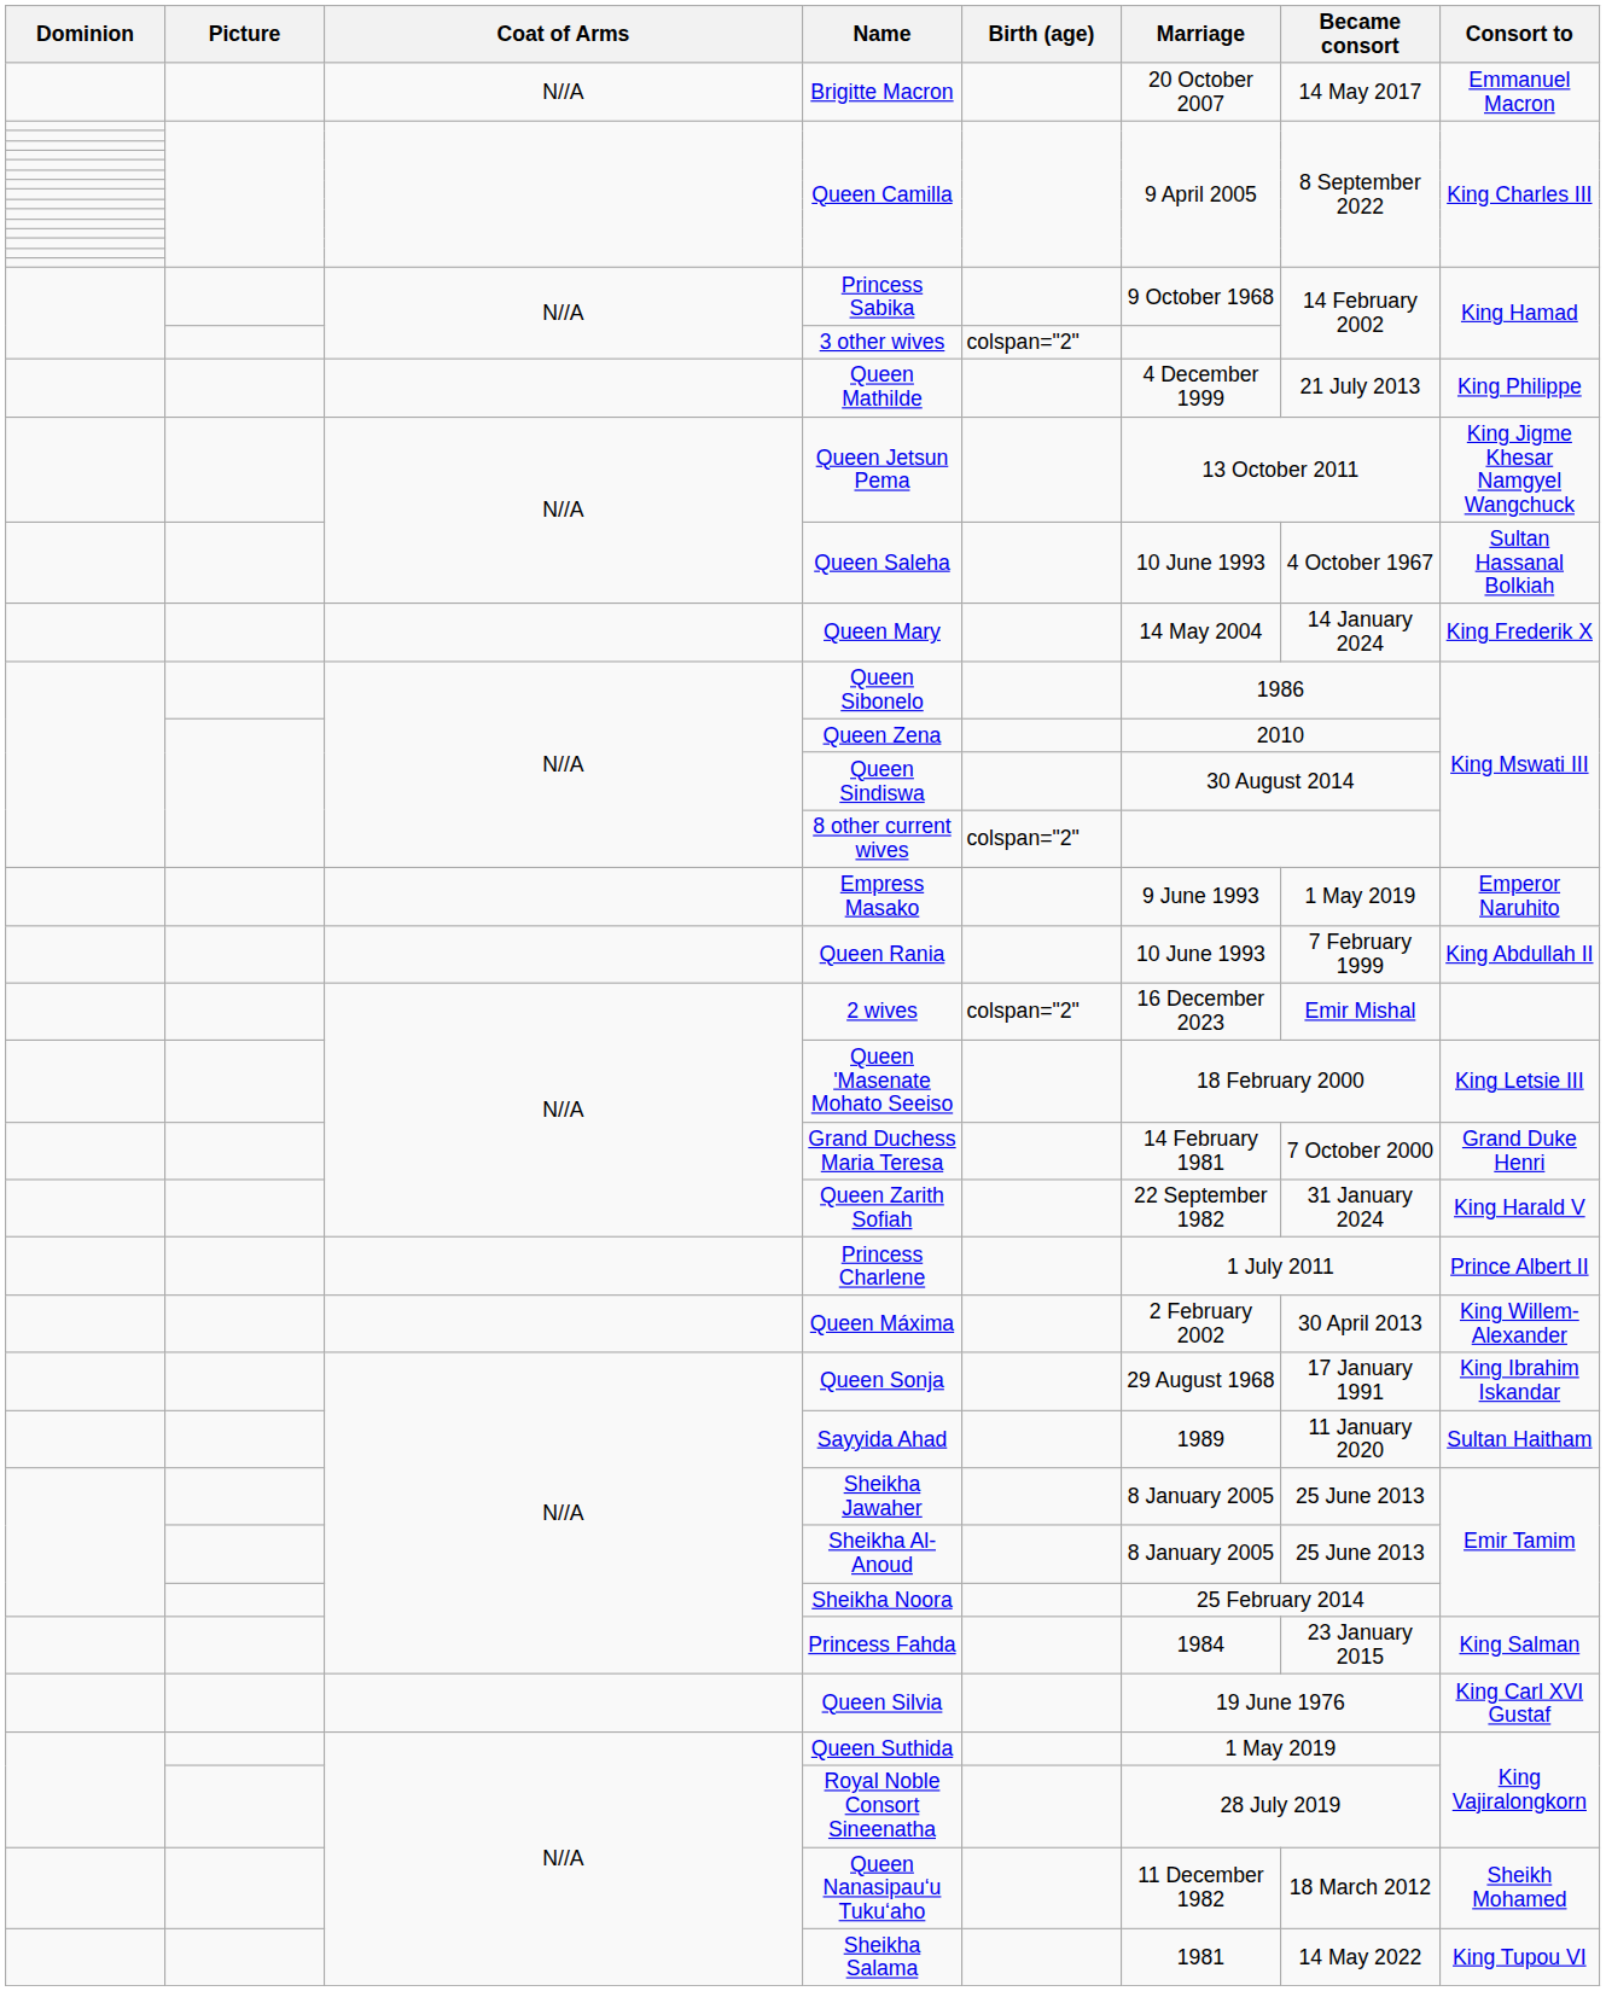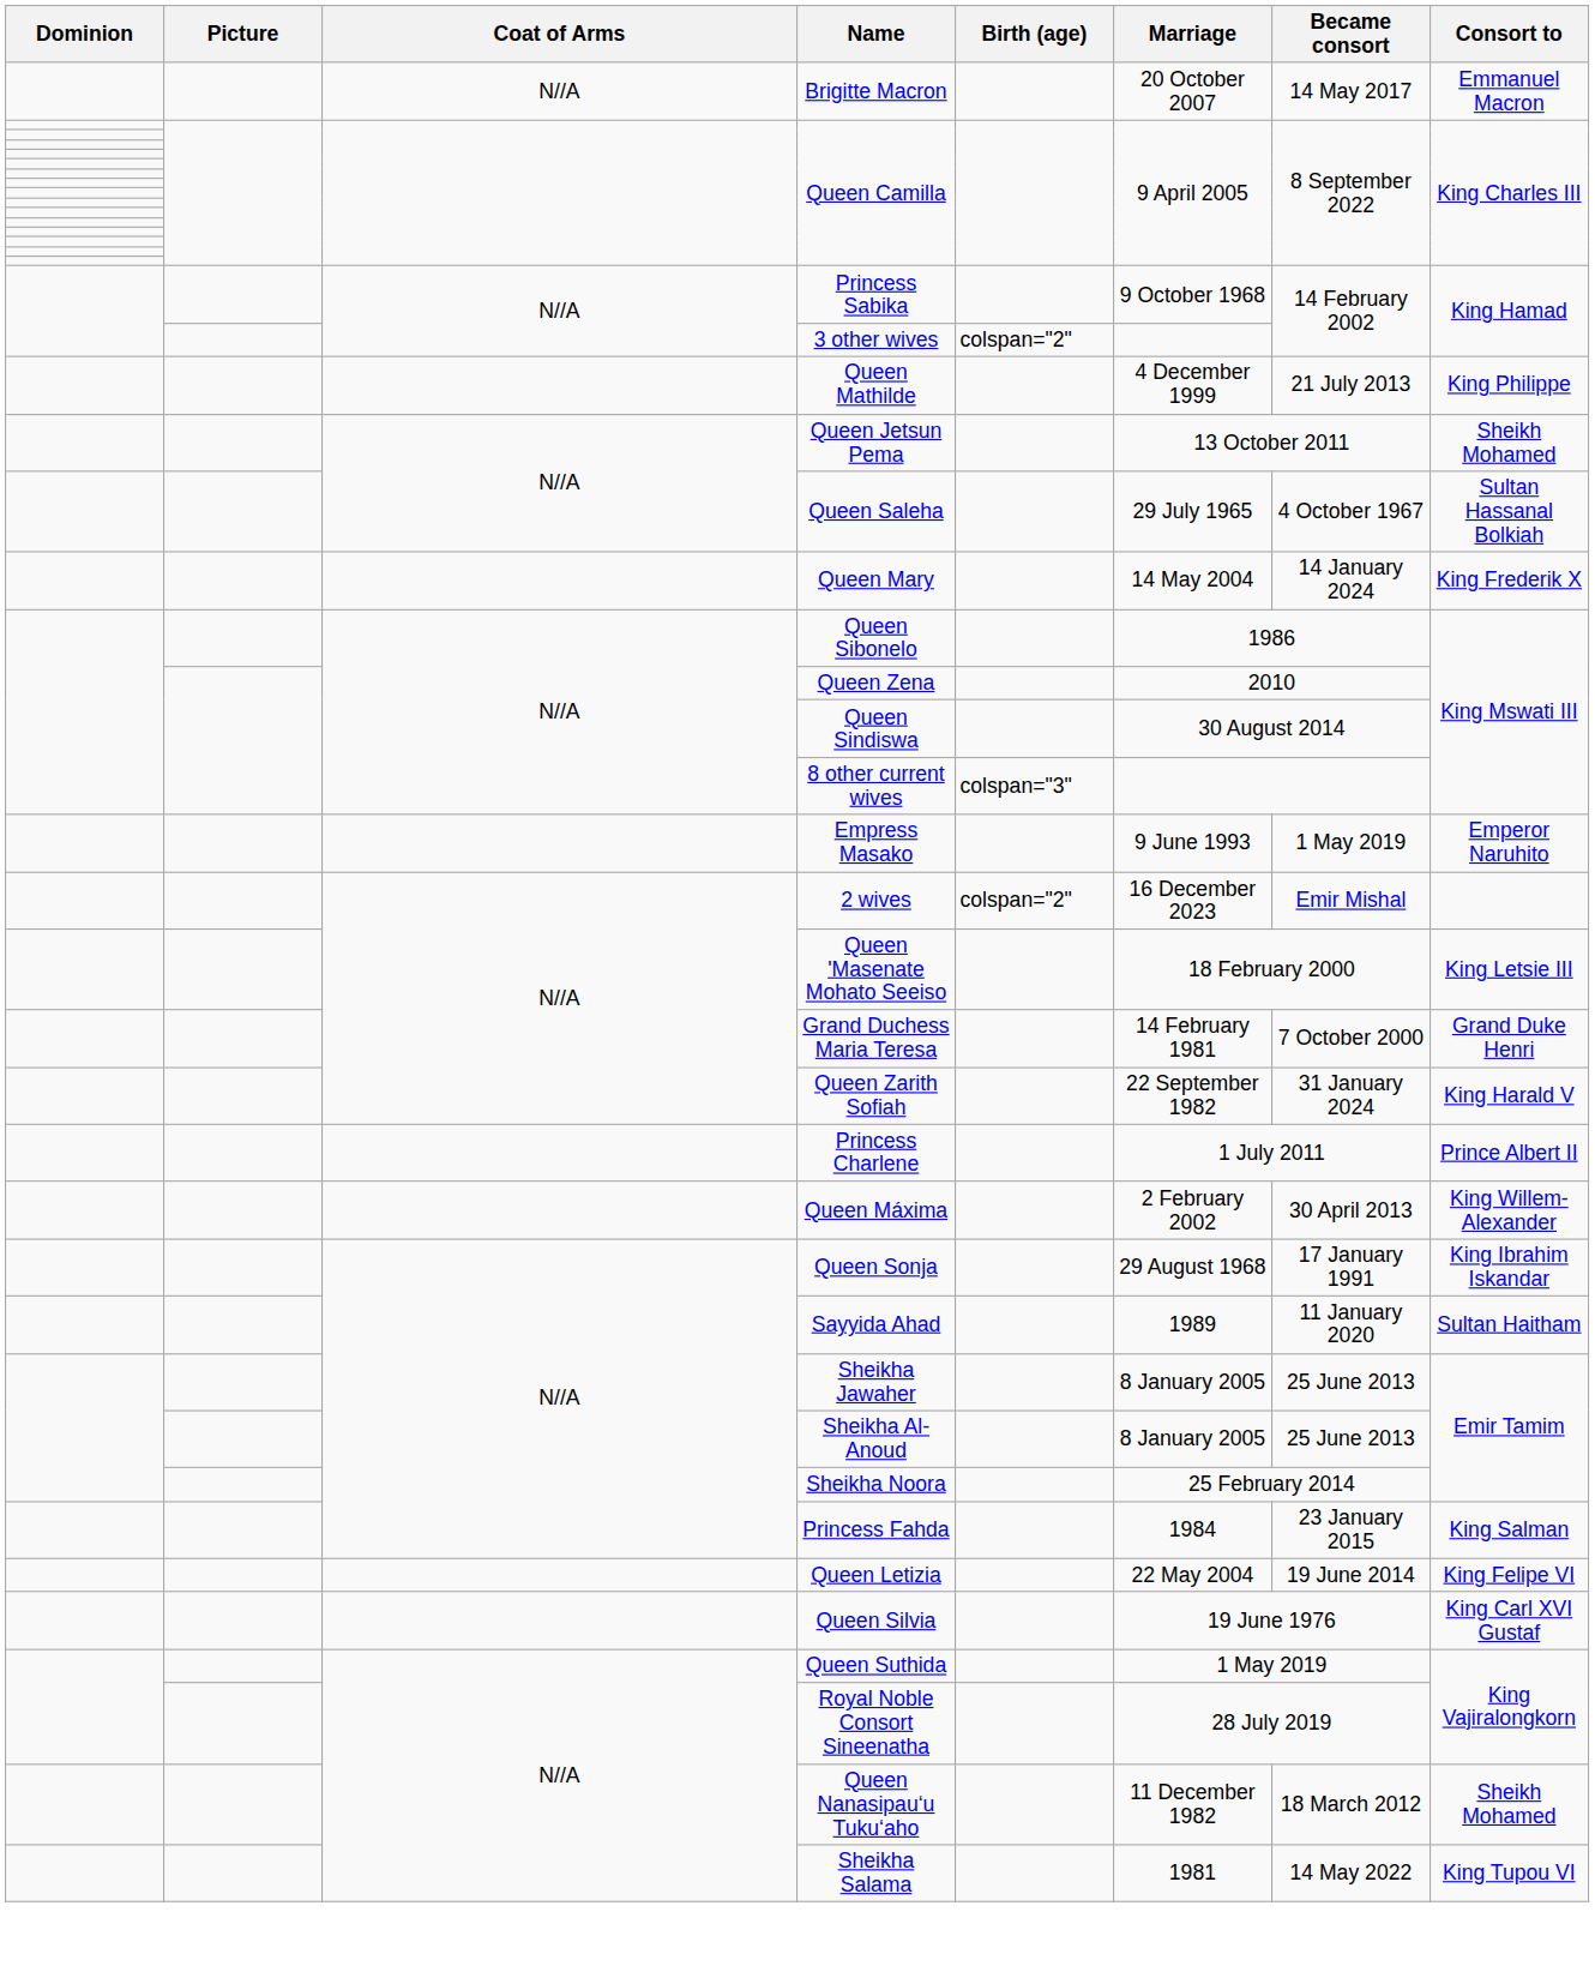 <table width=95% class="wikitable sortable">
 <tr>
 <th width="10%">Dominion</th>
 <th width = "10%">Picture</th>
 <th>Coat of Arms</th>
 <th width="10%">Name</th>
 <th width = "10%">Birth (age)</th>
 <th width = "10%">Marriage</th>
 <th width = "10%">Became consort</th>
 <th width = "10%">Consort to</th>
 </tr>
 <tr !width = "10%" | Spouse>
 <td></td>
 <td align="center"></td>
 <td align="center">N//A</td>
 <td align="center"><a href='#'>Brigitte Macron</a></td>
 <td align="center"></td>
 <td align="center">20 October 2007</td>
 <td align="center">14 May 2017</td>
 <td align="center"><a href='#'>Emmanuel Macron</a></td>
 </tr>
 <tr>
 <td></td>
 <td rowspan="15" align="center"></td>
 <td rowspan="15" align="center"><br></td>
 <td rowspan="15" align="center"><a href='#'>Queen Camilla</a></td>
 <td rowspan="15" align="center"></td>
 <td rowspan="15" align="center">9 April 2005</td>
 <td rowspan="15" align="center">8 September 2022</td>
 <td rowspan="15" align="center"><a href='#'>King Charles III</a></td>
 </tr>
 <tr>
 <td></td>
 </tr>
 <tr>
 <td></td>
 </tr>
 <tr>
 <td></td>
 </tr>
 <tr>
 <td></td>
 </tr>
 <tr>
 <td></td>
 </tr>
 <tr>
 <td></td>
 </tr>
 <tr>
 <td></td>
 </tr>
 <tr>
 <td></td>
 </tr>
 <tr>
 <td></td>
 </tr>
 <tr>
 <td></td>
 </tr>
 <tr>
 <td></td>
 </tr>
 <tr>
 <td></td>
 </tr>
 <tr>
 <td></td>
 </tr>
 <tr>
 <td></td>
 </tr>
 <tr>
 <td rowspan="2"></td>
 <td align="center"></td>
 <td align="center" rowspan="2">N//A</td>
 <td align="center"><a href='#'>Princess Sabika</a></td>
 <td align="center" data-sort-value="1948"></td>
 <td align="center">9 October 1968</td>
 <td align="center" rowspan="2">14 February 2002</td>
 <td align="center" rowspan="2"><a href='#'>King Hamad</a></td>
 </tr>
 <tr>
 <td align="center"></td>
 <td align="center"><a href='#'>3 other wives</a></td>
 <td>colspan="2" </td>
 </tr>
 <tr>
 <td></td>
 <td align="center"></td>
 <td align="center"></td>
 <td align="center"><a href='#'>Queen Mathilde</a></td>
 <td align="center"></td>
 <td align="center">4 December 1999</td>
 <td align="center">21 July 2013</td>
 <td align="center"><a href='#'>King Philippe</a></td>
 </tr>
 <tr>
 <td></td>
 <td align="center"></td>
 <td align="center" rowspan="2">N//A</td>
 <td align="center"><a href='#'>Queen Jetsun Pema</a></td>
 <td align="center"></td>
 <td colspan="2" align="center">13 October 2011</td>
-<td align="center"><a href='#'>King Jigme Khesar Namgyel Wangchuck</a></td>
+<td align="center"><a href='#'>Sheikh Mohamed</a></td>
 </tr>
 <tr>
 <td></td>
 <td align="center"></td>
 <td align="center"><a href='#'>Queen Saleha</a></td>
 <td align="center"></td>
-<td align="center">10 June 1993</td>
+<td align="center">29 July 1965</td>
 <td align="center">4 October 1967</td>
 <td align="center"><a href='#'>Sultan Hassanal Bolkiah</a></td>
 </tr>
 <tr>
 <td></td>
 <td align="center"></td>
 <td align="center"></td>
 <td align="center"><a href='#'>Queen Mary</a></td>
 <td align="center"></td>
 <td align="center">14 May 2004</td>
 <td align="center">14 January 2024</td>
 <td align="center"><a href='#'>King Frederik X</a></td>
 </tr>
 <tr>
 <td rowspan="4"></td>
 <td align="center"></td>
 <td align="center" rowspan="4">N//A</td>
 <td align="center"><a href='#'>Queen Sibonelo</a></td>
 <td align="center"></td>
 <td align="center" colspan="2">1986</td>
 <td align="center" rowspan="4"><a href='#'>King Mswati III</a></td>
 </tr>
 <tr>
 <td align="center" rowspan="3"></td>
 <td align="center"><a href='#'>Queen Zena</a></td>
 <td align="center"></td>
 <td align="center" colspan="2">2010</td>
 </tr>
 <tr>
 <td align="center"><a href='#'>Queen Sindiswa</a></td>
 <td align="center"></td>
 <td align="center" colspan="2">30 August 2014</td>
 </tr>
 <tr>
 <td align="center"><a href='#'>8 other current wives</a></td>
-<td>colspan="2" </td>
+<td>colspan="3" </td>
 </tr>
 <tr>
 <td></td>
 <td align="center"></td>
 <td align="center"></td>
 <td align="center"><a href='#'>Empress Masako</a></td>
 <td align="center"></td>
 <td align="center">9 June 1993</td>
 <td align="center">1 May 2019</td>
 <td align="center"><a href='#'>Emperor Naruhito</a></td>
-</tr>
-<tr>
-<td></td>
-<td align="center"></td>
-<td align="center"></td>
-<td align="center"><a href='#'>Queen Rania</a></td>
-<td align="center"></td>
-<td align="center">10 June 1993</td>
-<td align="center">7 February 1999</td>
-<td align="center"><a href='#'>King Abdullah II</a></td>
 </tr>
 <tr>
 <td></td>
 <td align="center"></td>
 <td align="center" rowspan="4">N//A</td>
 <td align="center"><a href='#'>2 wives</a></td>
 <td>colspan="2" </td>
 <td align="center">16 December 2023</td>
 <td align="center"><a href='#'>Emir Mishal</a></td>
 </tr>
 <tr>
 <td></td>
 <td align="center"></td>
 <td align="center"><a href='#'>Queen 'Masenate Mohato Seeiso</a></td>
 <td align="center"></td>
 <td colspan="2" align="center">18 February 2000</td>
 <td align="center"><a href='#'>King Letsie III</a></td>
 </tr>
 <tr>
 <td></td>
 <td align="center"></td>
 <td align="center"><a href='#'>Grand Duchess Maria Teresa</a></td>
 <td align="center"></td>
 <td align="center">14 February 1981</td>
 <td align="center">7 October 2000</td>
 <td align="center"><a href='#'>Grand Duke Henri</a></td>
 </tr>
 <tr>
 <td></td>
 <td align="center"></td>
 <td align="center"><a href='#'>Queen Zarith Sofiah</a></td>
 <td align="center"></td>
 <td align="center">22 September 1982</td>
 <td align="center">31 January 2024</td>
 <td align="center"><a href='#'>King Harald V</a></td>
 </tr>
 <tr>
 <td></td>
 <td align="center"></td>
 <td align="center"></td>
 <td align="center"><a href='#'>Princess Charlene</a></td>
 <td align="center"></td>
 <td colspan="2" align="center">1 July 2011</td>
 <td align="center"><a href='#'>Prince Albert II</a></td>
 </tr>
 <tr>
 <td></td>
 <td align="center"></td>
 <td align="center"></td>
 <td align="center"><a href='#'>Queen Máxima</a></td>
 <td align="center"></td>
 <td align="center">2 February 2002</td>
 <td align="center">30 April 2013</td>
 <td align="center"><a href='#'>King Willem-Alexander</a></td>
 </tr>
 <tr>
 <td></td>
 <td align="center"></td>
 <td align="center" rowspan="6">N//A</td>
 <td align="center"><a href='#'>Queen Sonja</a></td>
 <td align="center"></td>
 <td align="center">29 August 1968</td>
 <td align="center">17 January 1991</td>
 <td align="center"><a href='#'>King Ibrahim Iskandar</a></td>
 </tr>
 <tr>
 <td></td>
 <td align="center"></td>
 <td align="center"><a href='#'>Sayyida Ahad</a></td>
 <td align="center"></td>
 <td align="center" data-sort-value="1 January 1989">1989</td>
 <td align="center">11 January 2020</td>
 <td align="center"><a href='#'>Sultan Haitham</a></td>
 </tr>
 <tr>
 <td rowspan="3"></td>
 <td align="center"></td>
 <td align="center"><a href='#'>Sheikha Jawaher</a></td>
 <td align="center" data-sort-value="1984"></td>
 <td align="center">8 January 2005</td>
 <td align="center">25 June 2013</td>
 <td align="center" rowspan="3"><a href='#'>Emir Tamim</a></td>
 </tr>
 <tr>
 <td align="center"></td>
 <td align="center"><a href='#'>Sheikha Al-Anoud</a></td>
 <td align="center" data-sort-value="1990"></td>
 <td align="center">8 January 2005</td>
 <td align="center">25 June 2013</td>
 </tr>
 <tr>
 <td align="center"></td>
 <td align="center"><a href='#'>Sheikha Noora</a></td>
 <td></td>
 <td align="center" colspan="2">25 February 2014</td>
 </tr>
 <tr>
 <td></td>
 <td align="center"></td>
 <td align="center"><a href='#'>Princess Fahda</a></td>
 <td></td>
 <td align="center">1984</td>
 <td align="center">23 January 2015</td>
 <td align="center"><a href='#'>King Salman</a></td>
 </tr>
 <tr>
 <td></td>
 <td align="center"></td>
 <td align="center"></td>
+<td align="center"><a href='#'>Queen Letizia</a></td>
+<td align="center"></td>
+<td align="center">22 May 2004</td>
+<td align="center">19 June 2014</td>
+<td align="center"><a href='#'>King Felipe VI</a></td>
+</tr>
+<tr>
+<td></td>
+<td align="center"></td>
+<td align="center"></td>
 <td align="center"><a href='#'>Queen Silvia</a></td>
 <td align="center"></td>
 <td align="center" colspan="2">19 June 1976</td>
 <td align="center"><a href='#'>King Carl XVI Gustaf</a></td>
 </tr>
 <tr>
 <td rowspan="2"></td>
 <td align="center"></td>
 <td align="center" rowspan="4">N//A</td>
 <td align="center"><a href='#'>Queen Suthida</a></td>
 <td align="center"></td>
 <td colspan="2" align="center">1 May 2019</td>
 <td align="center" rowspan="2"><a href='#'>King Vajiralongkorn</a></td>
 </tr>
 <tr>
 <td align="center"></td>
 <td align="center"><a href='#'>Royal Noble Consort Sineenatha</a></td>
 <td align="center"></td>
 <td colspan="2" align="center">28 July 2019</td>
 </tr>
 <tr>
 <td></td>
 <td align="center"></td>
 <td align="center"><a href='#'>Queen Nanasipauʻu Tukuʻaho</a></td>
 <td align="center"></td>
 <td align="center">11 December 1982</td>
 <td align="center">18 March 2012</td>
 <td align="center"><a href='#'>Sheikh Mohamed</a></td>
 </tr>
 <tr>
 <td></td>
 <td align="center"></td>
 <td align="center"><a href='#'>Sheikha Salama</a></td>
 <td align="center"></td>
 <td align="center" data-sort-value="1 January 1981">1981</td>
 <td align="center">14 May 2022</td>
 <td align="center"><a href='#'>King Tupou VI</a></td>
 </tr>
 </table>
